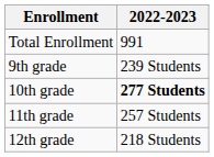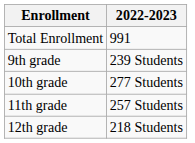 <table class="wikitable">
 <tr>
 <th>Enrollment</th>
 <th>2022-2023</th>
 </tr>
 <tr>
 <td>Total Enrollment</td>
 <td>991</td>
 </tr>
 <tr>
 <td>9th grade</td>
 <td>239 Students</td>
 </tr>
 <tr>
 <td>10th grade</td>
-<td><strong>277 Students</strong></td>
+<td>277 Students</td>
 </tr>
 <tr>
 <td>11th grade</td>
 <td>257 Students</td>
 </tr>
 <tr>
 <td>12th grade</td>
 <td>218 Students</td>
 </tr>
 </table>
